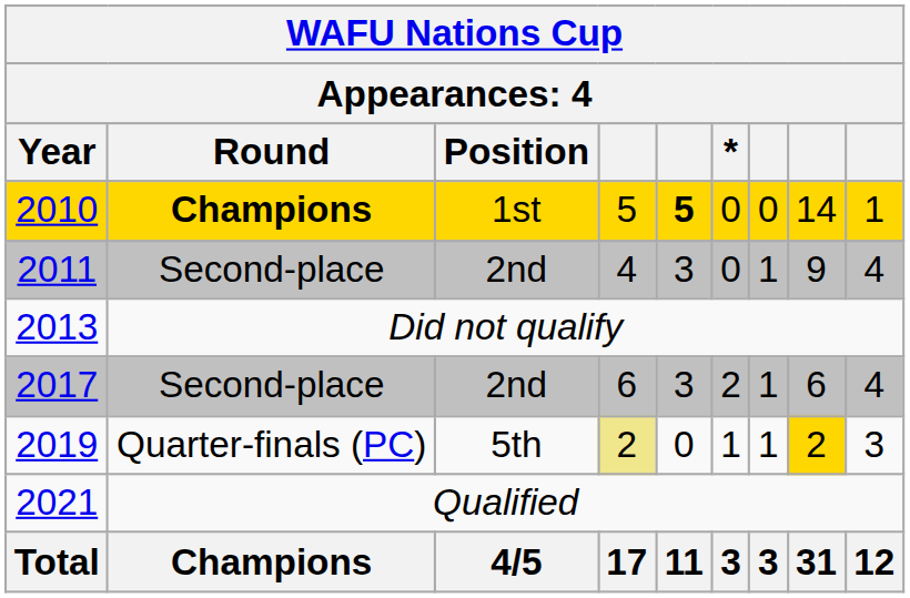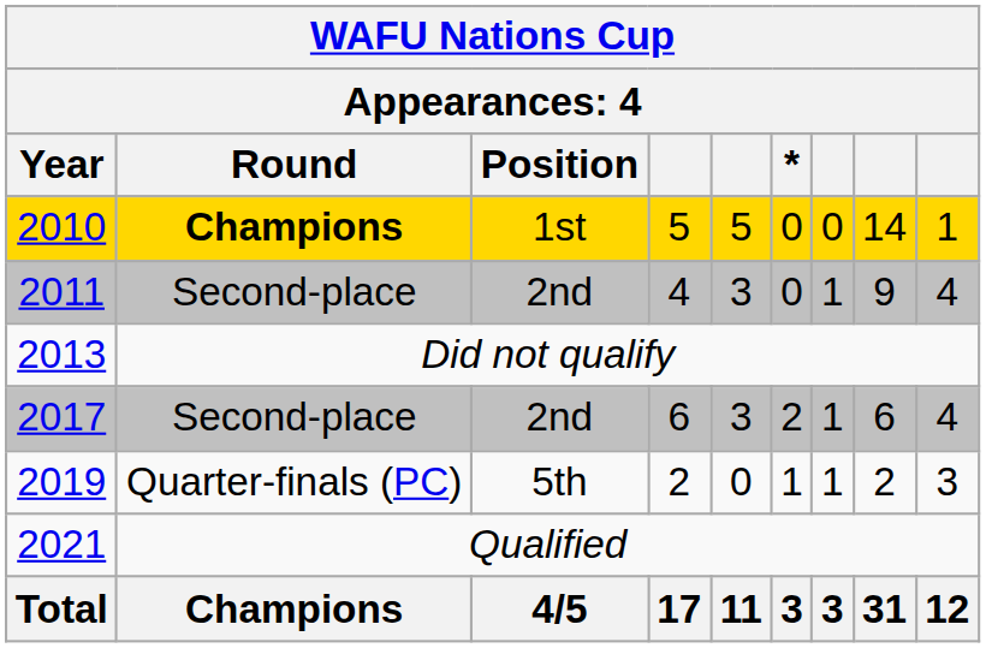 <table class="wikitable" style="text-align: center;">
 <tr>
 <th colspan=9><a href='#'>WAFU Nations Cup</a></th>
 </tr>
 <tr>
 <th colspan=9>Appearances: 4</th>
 </tr>
 <tr>
 <th>Year</th>
 <th>Round</th>
 <th>Position</th>
 <th></th>
 <th></th>
 <th>*</th>
 <th></th>
 <th></th>
 <th></th>
 </tr>
 <tr bgcolor=gold>
 <td> <a href='#'>2010</a></td>
 <td><strong>Champions</strong></td>
 <td>1st</td>
 <td>5</td>
-<td><strong>5</strong></td>
+<td>5</td>
 <td>0</td>
 <td>0</td>
 <td>14</td>
 <td>1</td>
 </tr>
 <tr bgcolor=silver>
 <td> <a href='#'>2011</a></td>
 <td>Second-place</td>
 <td>2nd</td>
 <td>4</td>
 <td>3</td>
 <td>0</td>
 <td>1</td>
 <td>9</td>
 <td>4</td>
 </tr>
 <tr>
 <td> <a href='#'>2013</a></td>
 <td colspan="8"><em>Did not qualify</em></td>
 </tr>
 <tr bgcolor=silver>
 <td> <a href='#'>2017</a></td>
 <td>Second-place</td>
 <td>2nd</td>
 <td>6</td>
 <td>3</td>
 <td>2</td>
 <td>1</td>
 <td>6</td>
 <td>4</td>
 </tr>
 <tr>
 <td> <a href='#'>2019</a></td>
 <td>Quarter-finals (<a href='#'>PC</a>)</td>
 <td>5th</td>
-<td style="background: khaki;">2</td>
+<td>2</td>
 <td>0</td>
 <td>1</td>
 <td>1</td>
-<td style="background: gold;">2</td>
+<td>2</td>
 <td>3</td>
 </tr>
 <tr>
 <td> <a href='#'>2021</a></td>
 <td colspan="8"><em>Qualified</em></td>
 </tr>
 <tr>
 <th><strong>Total</strong></th>
 <th><strong>Champions</strong></th>
 <th><strong>4/5</strong></th>
 <th><strong>17</strong></th>
 <th><strong>11</strong></th>
 <th><strong>3</strong></th>
 <th><strong>3</strong></th>
 <th><strong>31</strong></th>
 <th><strong>12</strong></th>
 </tr>
 </table>
